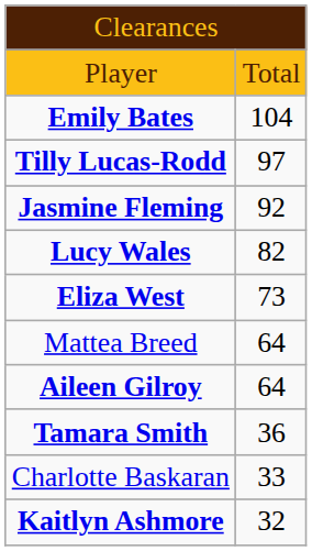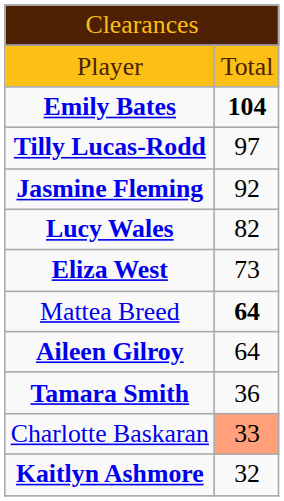 <table class="wikitable" style="text-align:center;">
 <tr>
 <td colspan="2" style="text-align:center; background: #4D2004; color: #FBBF15">Clearances</td>
 </tr>
 <tr>
 <td style="text-align:center; background: #FBBF15; color: #4D2004">Player</td>
 <td style="text-align:center; background: #FBBF15; color: #4D2004">Total</td>
 </tr>
 <tr>
 <td><strong><a href='#'>Emily Bates</a></strong></td>
-<td>104</td>
+<td><strong>104</strong></td>
 </tr>
 <tr>
 <td><strong><a href='#'>Tilly Lucas-Rodd</a></strong></td>
 <td>97</td>
 </tr>
 <tr>
 <td><strong><a href='#'>Jasmine Fleming</a></strong></td>
 <td>92</td>
 </tr>
 <tr>
 <td><strong><a href='#'>Lucy Wales</a></strong></td>
 <td>82</td>
 </tr>
 <tr>
 <td><strong><a href='#'>Eliza West</a></strong></td>
 <td>73</td>
 </tr>
 <tr>
 <td><a href='#'>Mattea Breed</a></td>
-<td>64</td>
+<td><strong>64</strong></td>
 </tr>
 <tr>
 <td><strong><a href='#'>Aileen Gilroy</a></strong></td>
 <td>64</td>
 </tr>
 <tr>
 <td><strong><a href='#'>Tamara Smith</a></strong></td>
 <td>36</td>
 </tr>
 <tr>
 <td><a href='#'>Charlotte Baskaran</a></td>
-<td>33</td>
+<td style="background: lightsalmon;">33</td>
 </tr>
 <tr>
 <td><strong><a href='#'>Kaitlyn Ashmore</a></strong></td>
 <td>32</td>
 </tr>
 </table>
